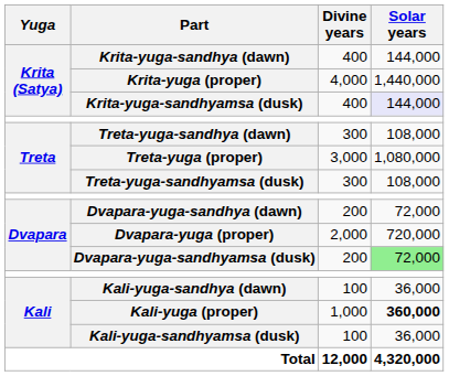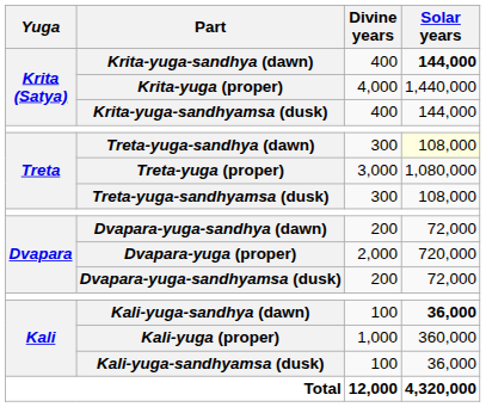 <table class="wikitable plainrowheaders" style="text-align:right;">
 <tr>
 <th scope="col"><em>Yuga</em></th>
 <th scope="col">Part</th>
 <th scope="col">Divine<br>years</th>
 <th scope="col"><a href='#'>Solar</a><br>years</th>
 </tr>
 <tr>
 <th scope="rowgroup" rowspan="3"><em><a href='#'>Krita<br>(Satya)</a></em></th>
 <th scope="row"><em>Krita-yuga-sandhya</em> (dawn)</th>
 <td>400</td>
-<td>144,000</td>
+<td><strong>144,000</strong></td>
 </tr>
 <tr>
 <th scope="row"><em>Krita-yuga</em> (proper)</th>
 <td>4,000</td>
 <td>1,440,000</td>
 </tr>
 <tr>
 <th scope="row"><em>Krita-yuga-sandhyamsa</em> (dusk)</th>
 <td>400</td>
-<td style="background: lavender;">144,000</td>
+<td>144,000</td>
 </tr>
 <tr>
 <td colspan="4" style="background-color:#ffffff;"></td>
 </tr>
 <tr>
 <th scope="rowgroup" rowspan="3"><em><a href='#'>Treta</a></em></th>
 <th scope="row"><em>Treta-yuga-sandhya</em> (dawn)</th>
 <td>300</td>
-<td>108,000</td>
+<td style="background: lightyellow;">108,000</td>
 </tr>
 <tr>
 <th scope="row"><em>Treta-yuga</em> (proper)</th>
 <td>3,000</td>
 <td>1,080,000</td>
 </tr>
 <tr>
 <th scope="row"><em>Treta-yuga-sandhyamsa</em> (dusk)</th>
 <td>300</td>
 <td>108,000</td>
 </tr>
 <tr>
 <td colspan="4" style="background-color:#ffffff;"></td>
 </tr>
 <tr>
 <th scope="rowgroup" rowspan="3"><em><a href='#'>Dvapara</a></em></th>
 <th scope="row"><em>Dvapara-yuga-sandhya</em> (dawn)</th>
 <td>200</td>
 <td>72,000</td>
 </tr>
 <tr>
 <th scope="row"><em>Dvapara-yuga</em> (proper)</th>
 <td>2,000</td>
 <td>720,000</td>
 </tr>
 <tr>
 <th scope="row"><em>Dvapara-yuga-sandhyamsa</em> (dusk)</th>
 <td>200</td>
-<td style="background: lightgreen;">72,000</td>
+<td>72,000</td>
 </tr>
 <tr>
 <td colspan="4" style="background-color:#ffffff;"></td>
 </tr>
 <tr>
 <th scope="rowgroup" rowspan="3"><em><a href='#'>Kali</a></em></th>
 <th scope="row"><em>Kali-yuga-sandhya</em> (dawn)</th>
 <td>100</td>
-<td>36,000</td>
+<td><strong>36,000</strong></td>
 </tr>
 <tr>
 <th scope="row"><em>Kali-yuga</em> (proper)</th>
 <td>1,000</td>
-<td><strong>360,000</strong></td>
+<td>360,000</td>
 </tr>
 <tr>
 <th scope="row"><em>Kali-yuga-sandhyamsa</em> (dusk)</th>
 <td>100</td>
 <td>36,000</td>
 </tr>
 <tr>
 <th scope="row" colspan="2" style="background-color:#ffffff; font-weight:bold; text-align:right;">Total</th>
 <td style="background-color:#ffffff; font-weight:bold;">12,000</td>
 <td style="background-color:#ffffff; font-weight:bold;">4,320,000</td>
 </tr>
 </table>
